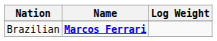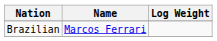 <table class="wikitable" style="display: inline-table">
 <tr>
 <th>Nation</th>
 <th>Name</th>
 <th>Log Weight</th>
 </tr>
 <tr>
 </tr>
 <tr>
 <td> Brazilian</td>
-<td><strong><a href='#'>Marcos Ferrari</a></strong></td>
+<td><a href='#'>Marcos Ferrari</a></td>
 <td></td>
 </tr>
 <tr>
 </tr>
 </table>
